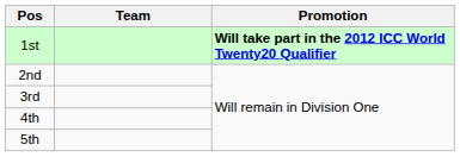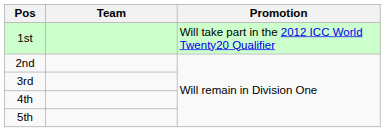 <table class="wikitable">
 <tr>
 <th width=50>Pos</th>
 <th width=175>Team</th>
 <th width=275>Promotion</th>
 </tr>
 <tr style="background:#ccffcc">
 <td align="center">1st</td>
 <td></td>
-<td rowspan=1><strong>Will take part in the <a href='#'>2012 ICC World Twenty20 Qualifier</a></strong></td>
+<td rowspan=1>Will take part in the <a href='#'>2012 ICC World Twenty20 Qualifier</a></td>
 </tr>
 <tr>
 <td align="center">2nd</td>
 <td></td>
 <td rowspan= 5>Will remain in Division One</td>
 </tr>
 <tr>
 <td align="center">3rd</td>
 <td></td>
 </tr>
 <tr>
 <td align="center">4th</td>
 <td></td>
 </tr>
 <tr>
 <td align="center">5th</td>
 <td></td>
 </tr>
 </table>
